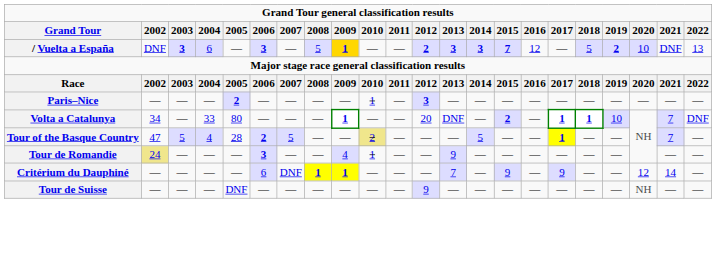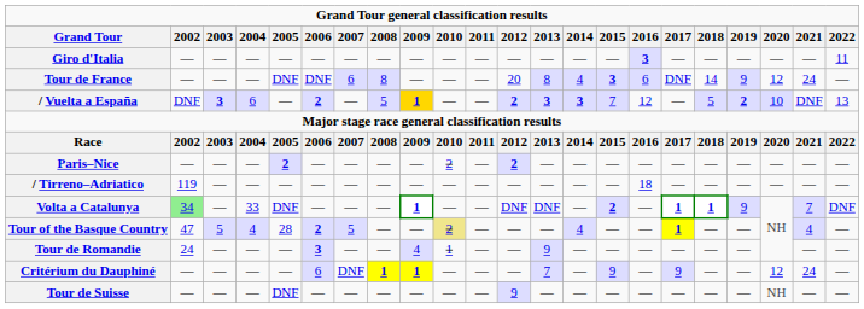 <table class="wikitable plainrowheaders">
 <tr>
 <td colspan=22 align="center"><strong>Grand Tour general classification results</strong></td>
 </tr>
 <tr>
 <th scope="col"><a href='#'>Grand Tour</a></th>
 <th scope="col">2002</th>
 <th scope="col">2003</th>
 <th scope="col">2004</th>
 <th scope="col">2005</th>
 <th scope="col">2006</th>
 <th scope="col">2007</th>
 <th scope="col">2008</th>
 <th scope="col">2009</th>
 <th scope="col">2010</th>
 <th scope="col">2011</th>
 <th scope="col">2012</th>
 <th scope="col">2013</th>
 <th scope="col">2014</th>
 <th scope="col">2015</th>
 <th scope="col">2016</th>
 <th scope="col">2017</th>
 <th scope="col">2018</th>
 <th scope="col">2019</th>
 <th scope="col">2020</th>
 <th scope="col">2021</th>
 <th scope="col">2022</th>
 </tr>
 <tr style="text-align:center;">
+<th scope="row"> <a href='#'>Giro d'Italia</a></th>
+<td>—</td>
+<td>—</td>
+<td>—</td>
+<td>—</td>
+<td>—</td>
+<td>—</td>
+<td>—</td>
+<td>—</td>
+<td>—</td>
+<td>—</td>
+<td>—</td>
+<td>—</td>
+<td>—</td>
+<td>—</td>
+<td style="background:#ddf;"><a href='#'><strong>3</strong></a></td>
+<td>—</td>
+<td>—</td>
+<td>—</td>
+<td>—</td>
+<td>—</td>
+<td><a href='#'>11</a></td>
+</tr>
+<tr style="text-align:center;">
+<th scope="row"> <a href='#'>Tour de France</a></th>
+<td>—</td>
+<td>—</td>
+<td>—</td>
+<td><a href='#'>DNF</a></td>
+<td><a href='#'>DNF</a></td>
+<td style="background:#ddf;"><a href='#'>6</a></td>
+<td style="background:#ddf;"><a href='#'>8</a></td>
+<td>—</td>
+<td>—</td>
+<td>—</td>
+<td><a href='#'>20</a></td>
+<td style="background:#ddf;"><a href='#'>8</a></td>
+<td style="background:#ddf;"><a href='#'>4</a></td>
+<td style="background:#ddf;"><a href='#'><strong>3</strong></a></td>
+<td style="background:#ddf;"><a href='#'>6</a></td>
+<td><a href='#'>DNF</a></td>
+<td><a href='#'>14</a></td>
+<td style="background:#ddf;"><a href='#'>9</a></td>
+<td><a href='#'>12</a></td>
+<td><a href='#'>24</a></td>
+<td>—</td>
+</tr>
+<tr style="text-align:center;">
 <th scope="row">/ <a href='#'>Vuelta a España</a></th>
 <td><a href='#'>DNF</a></td>
 <td style="background:#ddf;"><a href='#'><strong>3</strong></a></td>
 <td style="background:#ddf;"><a href='#'>6</a></td>
 <td>—</td>
-<td style="background:#ddf;"><a href='#'><strong>3</strong></a></td>
+<td style="background:#ddf;"><a href='#'><strong>2</strong></a></td>
 <td>—</td>
 <td style="background:#ddf;"><a href='#'>5</a></td>
 <td style="background:gold"><a href='#'><strong>1</strong></a></td>
 <td>—</td>
 <td>—</td>
 <td style="background:#ddf;"><a href='#'><strong>2</strong></a></td>
 <td style="background:#ddf;"><a href='#'><strong>3</strong></a></td>
 <td style="background:#ddf;"><a href='#'><strong>3</strong></a></td>
-<td style="background:#ddf;"><strong><a href='#'>7</a></strong></td>
+<td style="background:#ddf;"><a href='#'>7</a></td>
 <td><a href='#'>12</a></td>
 <td>—</td>
 <td style="background:#ddf;"><a href='#'>5</a></td>
 <td style="background:#ddf;"><a href='#'><strong>2</strong></a></td>
 <td style="background:#ddf;"><a href='#'>10</a></td>
 <td><a href='#'>DNF</a></td>
 <td><a href='#'>13</a></td>
 </tr>
 <tr>
 <td colspan=22 align="center"><strong>Major stage race general classification results</strong></td>
 </tr>
 <tr>
 <th scope="col">Race</th>
 <th scope="col">2002</th>
 <th scope="col">2003</th>
 <th scope="col">2004</th>
 <th scope="col">2005</th>
 <th scope="col">2006</th>
 <th scope="col">2007</th>
 <th scope="col">2008</th>
 <th scope="col">2009</th>
 <th scope="col">2010</th>
 <th scope="col">2011</th>
 <th scope="col">2012</th>
 <th scope="col">2013</th>
 <th scope="col">2014</th>
 <th scope="col">2015</th>
 <th scope="col">2016</th>
 <th scope="col">2017</th>
 <th scope="col">2018</th>
 <th scope="col">2019</th>
 <th scope="col">2020</th>
 <th scope="col">2021</th>
 <th scope="col">2022</th>
 </tr>
 <tr style="text-align:center;">
 <th scope="row"> <a href='#'>Paris–Nice</a></th>
 <td>—</td>
 <td>—</td>
 <td>—</td>
 <td style="background:#ddf;"><a href='#'><strong>2</strong></a></td>
 <td>—</td>
 <td>—</td>
 <td>—</td>
 <td>—</td>
-<td><s><a href='#'>1</a></s></td>
+<td><s><a href='#'>2</a></s></td>
 <td>—</td>
-<td style="background:#ddf;"><a href='#'><strong>3</strong></a></td>
+<td style="background:#ddf;"><a href='#'><strong>2</strong></a></td>
 <td>—</td>
 <td>—</td>
 <td>—</td>
 <td>—</td>
 <td>—</td>
 <td>—</td>
 <td>—</td>
 <td>—</td>
 <td>—</td>
 <td>—</td>
 </tr>
 <tr style="text-align:center;">
+<th scope="row">/ <a href='#'>Tirreno–Adriatico</a></th>
+<td><a href='#'>119</a></td>
+<td>—</td>
+<td>—</td>
+<td>—</td>
+<td>—</td>
+<td>—</td>
+<td>—</td>
+<td>—</td>
+<td>—</td>
+<td>—</td>
+<td>—</td>
+<td>—</td>
+<td>—</td>
+<td>—</td>
+<td><a href='#'>18</a></td>
+<td>—</td>
+<td>—</td>
+<td>—</td>
+<td>—</td>
+<td>—</td>
+<td>—</td>
+</tr>
+<tr style="text-align:center;">
 <th scope="row"> <a href='#'>Volta a Catalunya</a></th>
-<td><a href='#'>34</a></td>
+<td style="background: lightgreen;"><a href='#'>34</a></td>
 <td>—</td>
 <td><a href='#'>33</a></td>
-<td><a href='#'>80</a></td>
+<td><a href='#'>DNF</a></td>
 <td>—</td>
 <td>—</td>
 <td>—</td>
 <td style="background:white; border:2px solid green;"><a href='#'><strong>1</strong></a></td>
 <td>—</td>
 <td>—</td>
-<td><a href='#'>20</a></td>
+<td><a href='#'>DNF</a></td>
 <td><a href='#'>DNF</a></td>
 <td>—</td>
 <td style="background:#ddf;"><a href='#'><strong>2</strong></a></td>
 <td>—</td>
 <td style="background:white; border:2px solid green;"><a href='#'><strong>1</strong></a></td>
 <td style="background:white; border:2px solid green;"><a href='#'><strong>1</strong></a></td>
-<td style="background:#ddf;"><a href='#'>10</a></td>
+<td style="background:#ddf;"><a href='#'>9</a></td>
 <td style="color:#4d4d4d;" rowspan=3>NH</td>
 <td style="background:#ddf;"><a href='#'>7</a></td>
 <td><a href='#'>DNF</a></td>
 </tr>
 <tr style="text-align:center;">
 <th scope="row"> <a href='#'>Tour of the Basque Country</a></th>
 <td><a href='#'>47</a></td>
 <td style="background:#ddf;"><a href='#'>5</a></td>
 <td style="background:#ddf;"><a href='#'>4</a></td>
 <td><a href='#'>28</a></td>
 <td style="background:#ddf;"><a href='#'><strong>2</strong></a></td>
 <td style="background:#ddf;"><a href='#'>5</a></td>
 <td>—</td>
 <td>—</td>
 <td style="background: khaki;"><s><a href='#'>2</a></s></td>
 <td>—</td>
 <td>—</td>
 <td>—</td>
-<td style="background:#ddf;"><a href='#'>5</a></td>
+<td style="background:#ddf;"><a href='#'>4</a></td>
 <td>—</td>
 <td>—</td>
 <td style="background:yellow".><a href='#'><strong>1</strong></a></td>
 <td>—</td>
 <td>—</td>
-<td style="background:#ddf;"><a href='#'>7</a></td>
+<td style="background:#ddf;"><a href='#'>4</a></td>
 <td>—</td>
 </tr>
 <tr style="text-align:center;">
 <th scope="row"> <a href='#'>Tour de Romandie</a></th>
-<td style="background: khaki;"><a href='#'>24</a></td>
+<td><a href='#'>24</a></td>
 <td>—</td>
 <td>—</td>
 <td>—</td>
 <td style="background:#ddf;"><a href='#'><strong>3</strong></a></td>
 <td>—</td>
 <td>—</td>
 <td style="background:#ddf;"><a href='#'>4</a></td>
 <td><s><a href='#'>1</a></s></td>
 <td>—</td>
 <td>—</td>
 <td style="background:#ddf;"><a href='#'>9</a></td>
 <td>—</td>
 <td>—</td>
 <td>—</td>
 <td>—</td>
 <td>—</td>
 <td>—</td>
 <td>—</td>
 <td>—</td>
 </tr>
 <tr style="text-align:center;">
 <th scope="row"> <a href='#'>Critérium du Dauphiné</a></th>
 <td>—</td>
 <td>—</td>
 <td>—</td>
 <td>—</td>
 <td style="background:#ddf;"><a href='#'>6</a></td>
 <td><a href='#'>DNF</a></td>
 <td style="background:yellow;"><a href='#'><strong>1</strong></a></td>
 <td style="background:yellow;"><a href='#'><strong>1</strong></a></td>
 <td>—</td>
 <td>—</td>
 <td>—</td>
 <td style="background:#ddf;"><a href='#'>7</a></td>
 <td>—</td>
 <td style="background:#ddf;"><a href='#'>9</a></td>
 <td>—</td>
 <td style="background:#ddf;"><a href='#'>9</a></td>
 <td>—</td>
 <td>—</td>
 <td><a href='#'>12</a></td>
-<td><a href='#'>14</a></td>
+<td><a href='#'>24</a></td>
 <td>—</td>
 </tr>
 <tr style="text-align:center;">
 <th scope="row"> <a href='#'>Tour de Suisse</a></th>
 <td>—</td>
 <td>—</td>
 <td>—</td>
 <td><a href='#'>DNF</a></td>
 <td>—</td>
 <td>—</td>
 <td>—</td>
 <td>—</td>
 <td>—</td>
 <td>—</td>
 <td style="background:#ddf;"><a href='#'>9</a></td>
 <td>—</td>
 <td>—</td>
 <td>—</td>
 <td>—</td>
 <td>—</td>
 <td>—</td>
 <td>—</td>
 <td style="color:#4d4d4d;">NH</td>
 <td>—</td>
 <td>—</td>
 </tr>
 </table>
